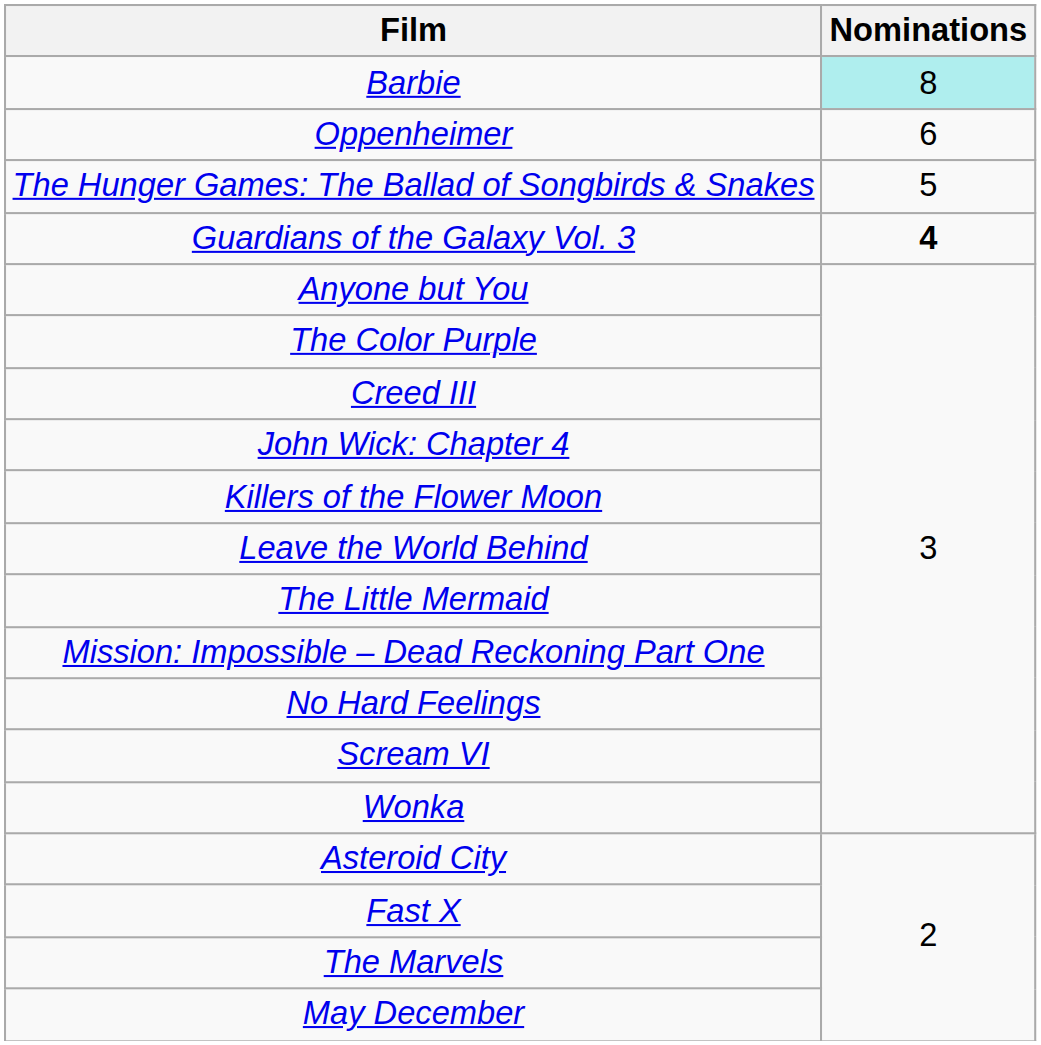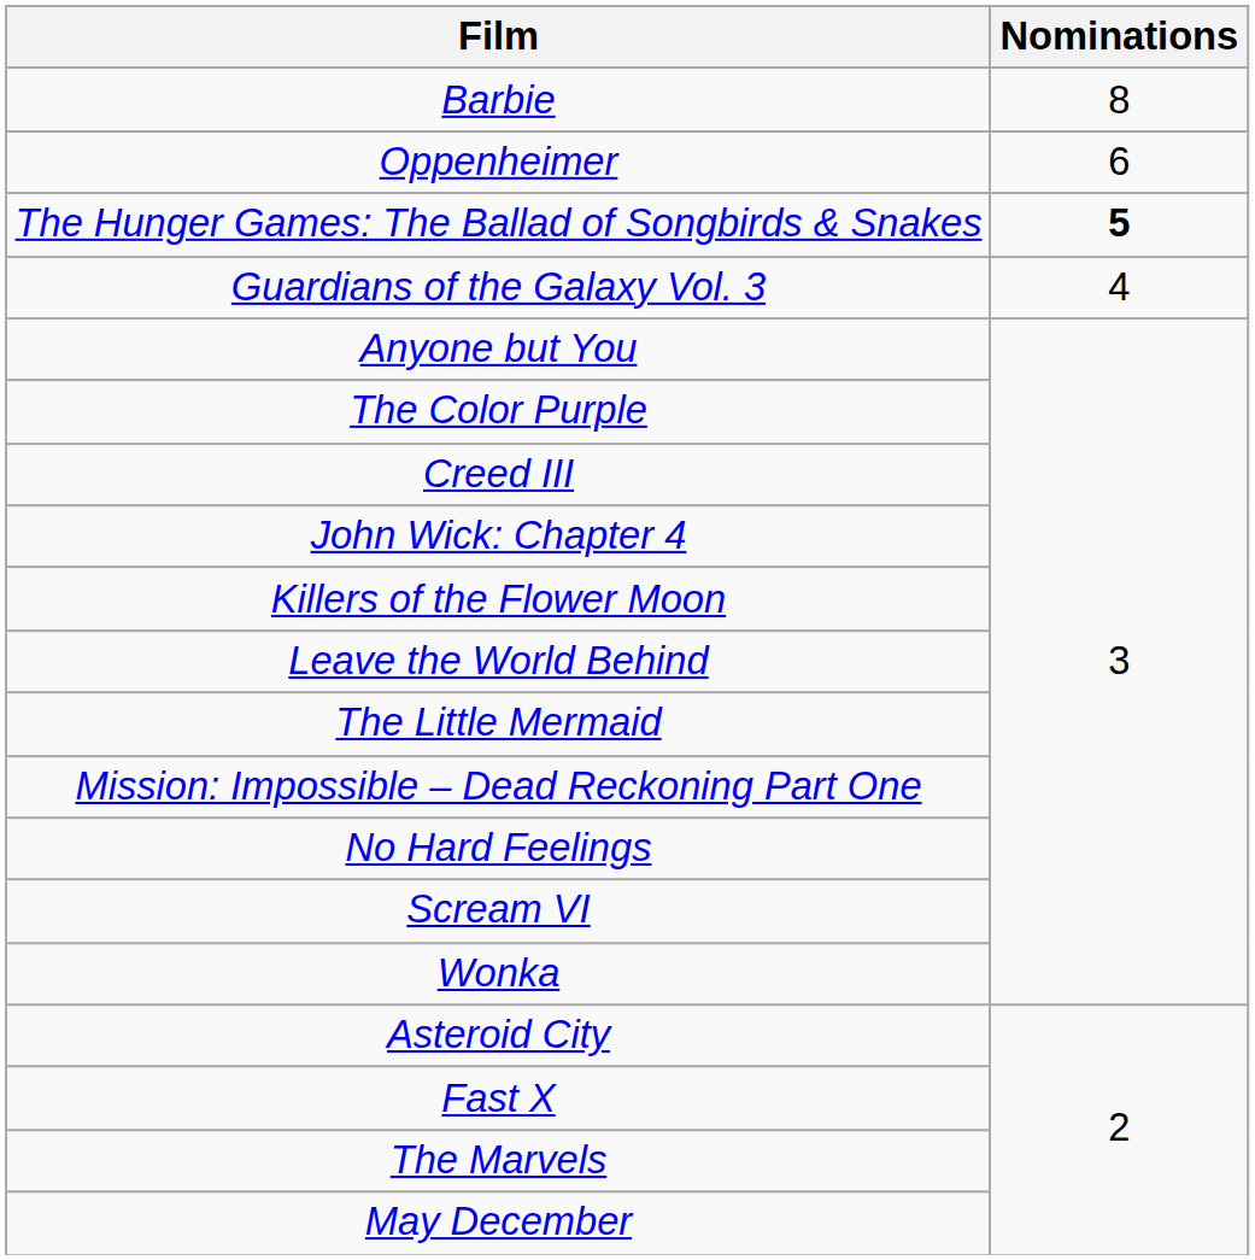 <table class="wikitable">
 <tr>
 <th>Film</th>
 <th>Nominations</th>
 </tr>
 <tr style="text-align:center">
 <td><em><a href='#'>Barbie</a></em></td>
-<td style="background: paleturquoise;">8</td>
+<td>8</td>
 </tr>
 <tr style="text-align:center">
 <td><em><a href='#'>Oppenheimer</a></em></td>
 <td>6</td>
 </tr>
 <tr style="text-align:center">
 <td><em><a href='#'>The Hunger Games: The Ballad of Songbirds & Snakes</a></em></td>
-<td>5</td>
+<td><strong>5</strong></td>
 </tr>
 <tr style="text-align:center">
 <td><em><a href='#'>Guardians of the Galaxy Vol. 3</a></em></td>
-<td><strong>4</strong></td>
+<td>4</td>
 </tr>
 <tr style="text-align:center">
 <td><em><a href='#'>Anyone but You</a></em></td>
 <td rowspan="11">3</td>
 </tr>
 <tr style="text-align:center">
 <td><em><a href='#'>The Color Purple</a></em></td>
 </tr>
 <tr style="text-align:center">
 <td><em><a href='#'>Creed III</a></em></td>
 </tr>
 <tr style="text-align:center">
 <td><em><a href='#'>John Wick: Chapter 4</a></em></td>
 </tr>
 <tr style="text-align:center">
 <td><em><a href='#'>Killers of the Flower Moon</a></em></td>
 </tr>
 <tr style="text-align:center">
 <td><em><a href='#'>Leave the World Behind</a></em></td>
 </tr>
 <tr style="text-align:center">
 <td><em><a href='#'>The Little Mermaid</a></em></td>
 </tr>
 <tr style="text-align:center">
 <td><em><a href='#'>Mission: Impossible – Dead Reckoning Part One</a></em></td>
 </tr>
 <tr style="text-align:center">
 <td><em><a href='#'>No Hard Feelings</a></em></td>
 </tr>
 <tr style="text-align:center">
 <td><em><a href='#'>Scream VI</a></em></td>
 </tr>
 <tr style="text-align:center">
 <td><em><a href='#'>Wonka</a></em></td>
 </tr>
 <tr style="text-align:center">
 <td><em><a href='#'>Asteroid City</a></em></td>
 <td rowspan="4">2</td>
 </tr>
 <tr style="text-align:center">
 <td><em><a href='#'>Fast X</a></em></td>
 </tr>
 <tr style="text-align:center">
 <td><em><a href='#'>The Marvels</a></em></td>
 </tr>
 <tr style="text-align:center">
 <td><em><a href='#'>May December</a></em></td>
 </tr>
 </table>
